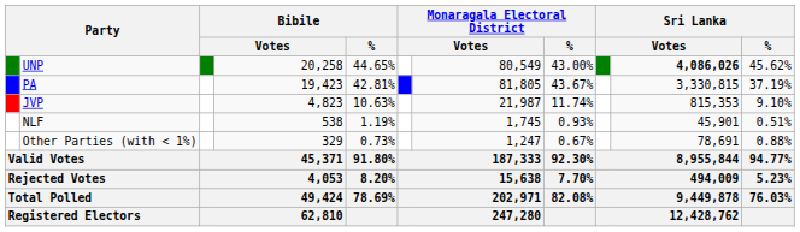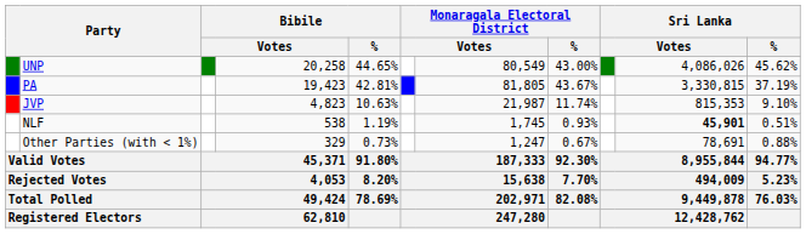 <table class="wikitable">
 <tr>
 <th colspan="2" width="144px"rowspan="2">Party</th>
 <th colspan="3" width="216px">Bibile</th>
 <th colspan="3" width="216px"><a href='#'>Monaragala Electoral District</a></th>
 <th colspan="3" width="216px">Sri Lanka</th>
 </tr>
 <tr>
 <th colspan="2" width="144px">Votes</th>
 <th>%</th>
 <th colspan="2" width="144px">Votes</th>
 <th>%</th>
 <th colspan="2" width="144px">Votes</th>
 <th>%</th>
 </tr>
 <tr>
 <td style="background-color:green;" width="10px"></td>
 <td style="text-align:left;"><a href='#'>UNP</a></td>
 <td style="background-color:green;" width="10px"></td>
 <td style="text-align:right;">20,258</td>
 <td style="text-align:right;">44.65%</td>
 <td style="background-color:white;" width="10px"></td>
 <td style="text-align:right;">80,549</td>
 <td style="text-align:right;">43.00%</td>
 <td style="background-color:green;" width="10px"></td>
-<td style="text-align:right;"><strong>4,086,026</strong></td>
+<td style="text-align:right;">4,086,026</td>
 <td style="text-align:right;">45.62%</td>
 </tr>
 <tr>
 <td style="background-color:blue;" width="10px"></td>
 <td style="text-align:left;"><a href='#'>PA</a></td>
 <td style="background-color:white;" width="10px"></td>
 <td style="text-align:right;">19,423</td>
 <td style="text-align:right;">42.81%</td>
 <td style="background-color:blue;" width="10px"></td>
 <td style="text-align:right;">81,805</td>
 <td style="text-align:right;">43.67%</td>
 <td style="background-color:white;" width="10px"></td>
 <td style="text-align:right;">3,330,815</td>
 <td style="text-align:right;">37.19%</td>
 </tr>
 <tr>
 <td style="background-color:red;" width="10px"></td>
 <td style="text-align:left;"><a href='#'>JVP</a></td>
 <td style="background-color:white;" width="10px"></td>
 <td style="text-align:right;">4,823</td>
 <td style="text-align:right;">10.63%</td>
 <td style="background-color:white;" width="10px"></td>
 <td style="text-align:right;">21,987</td>
 <td style="text-align:right;">11.74%</td>
 <td style="background-color:white;" width="10px"></td>
 <td style="text-align:right;">815,353</td>
 <td style="text-align:right;">9.10%</td>
 </tr>
 <tr>
 <td style="background-color:white;" width="10px"></td>
 <td style="text-align:left;">NLF</td>
 <td style="background-color:white;" width="10px"></td>
 <td style="text-align:right;">538</td>
 <td style="text-align:right;">1.19%</td>
 <td style="background-color:white;" width="10px"></td>
 <td style="text-align:right;">1,745</td>
 <td style="text-align:right;">0.93%</td>
 <td style="background-color:white;" width="10px"></td>
-<td style="text-align:right;">45,901</td>
+<td style="text-align:right;"><strong>45,901</strong></td>
 <td style="text-align:right;">0.51%</td>
 </tr>
 <tr>
 <td style="background-color:white;" width="10px"></td>
 <td style="text-align:left;">Other Parties (with < 1%)</td>
 <td style="background-color:white;" width="10px"></td>
 <td style="text-align:right;">329</td>
 <td style="text-align:right;">0.73%</td>
 <td style="background-color:white;" width="10px"></td>
 <td style="text-align:right;">1,247</td>
 <td style="text-align:right;">0.67%</td>
 <td style="background-color:white;" width="10px"></td>
 <td style="text-align:right;">78,691</td>
 <td style="text-align:right;">0.88%</td>
 </tr>
 <tr>
 <th colspan="2" width="144px"style="text-align:left;">Valid Votes</th>
 <th style="text-align:right;"colspan="2" width="144px">45,371</th>
 <th style="text-align:right;">91.80%</th>
 <th style="text-align:right;"colspan="2" width="144px">187,333</th>
 <th style="text-align:right;">92.30%</th>
 <th style="text-align:right;"colspan="2" width="144px">8,955,844</th>
 <th style="text-align:right;">94.77%</th>
 </tr>
 <tr>
 <th colspan="2" width="144px"style="text-align:left;">Rejected Votes</th>
 <th style="text-align:right;"colspan="2" width="144px">4,053</th>
 <th style="text-align:right;">8.20%</th>
 <th style="text-align:right;"colspan="2" width="144px">15,638</th>
 <th style="text-align:right;">7.70%</th>
 <th style="text-align:right;"colspan="2" width="144px">494,009</th>
 <th style="text-align:right;">5.23%</th>
 </tr>
 <tr>
 <th colspan="2" width="144px"style="text-align:left;">Total Polled</th>
 <th style="text-align:right;"colspan="2" width="144px">49,424</th>
 <th style="text-align:right;">78.69%</th>
 <th style="text-align:right;"colspan="2" width="144px">202,971</th>
 <th style="text-align:right;">82.08%</th>
 <th style="text-align:right;"colspan="2" width="144px">9,449,878</th>
 <th style="text-align:right;">76.03%</th>
 </tr>
 <tr>
 <th colspan="2" width="144px"style="text-align:left;">Registered Electors</th>
 <th style="text-align:right;"colspan="2" width="144px">62,810</th>
 <th></th>
 <th style="text-align:right;"colspan="2" width="144px">247,280</th>
 <th></th>
 <th style="text-align:right;"colspan="2" width="144px">12,428,762</th>
 <th></th>
 </tr>
 </table>
